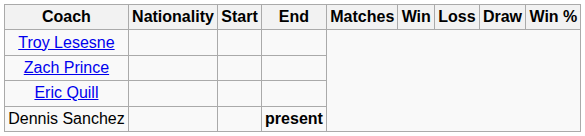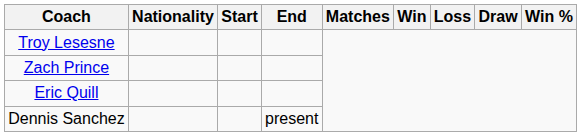 <table class="wikitable" style="text-align:center; margin-left: lem;">
 <tr>
 <th>Coach</th>
 <th>Nationality</th>
 <th>Start</th>
 <th>End</th>
 <th>Matches</th>
 <th><strong>Win</strong></th>
 <th>Loss</th>
 <th>Draw</th>
 <th>Win %</th>
 </tr>
 <tr>
 <td><a href='#'>Troy Lesesne</a></td>
 <td></td>
 <td></td>
 <td><br></td>
 </tr>
 <tr>
 <td><a href='#'>Zach Prince</a></td>
 <td></td>
 <td></td>
 <td><br></td>
 </tr>
 <tr>
 <td><a href='#'>Eric Quill</a></td>
 <td></td>
 <td></td>
 <td><br></td>
 </tr>
 <tr>
 <td>Dennis Sanchez</td>
 <td></td>
 <td></td>
-<td><strong>present<br></strong></td>
+<td>present<br></td>
 </tr>
 </table>
